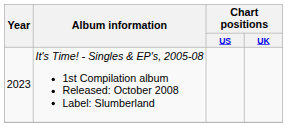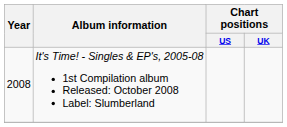 <table class="wikitable">
 <tr>
 <th rowspan="2">Year</th>
 <th rowspan="2">Album information</th>
 <th colspan="5">Chart positions</th>
 </tr>
 <tr>
 <th style="width:4em;font-size:80%"><a href='#'>US</a></th>
 <th style="width:4em;font-size:80%"><a href='#'>UK</a></th>
 </tr>
 <tr>
-<td>2023</td>
+<td>2008</td>
 <td><em>It's Time! - Singles & EP's, 2005-08</em><br><ul><li>1st Compilation album</li><li>Released: October 2008</li><li>Label: Slumberland</li></ul></td>
 <td align="center"></td>
 <td align="center"></td>
 </tr>
 <tr bgcolor="#FCFCFC">
 </tr>
 <tr>
 </tr>
 </table>
